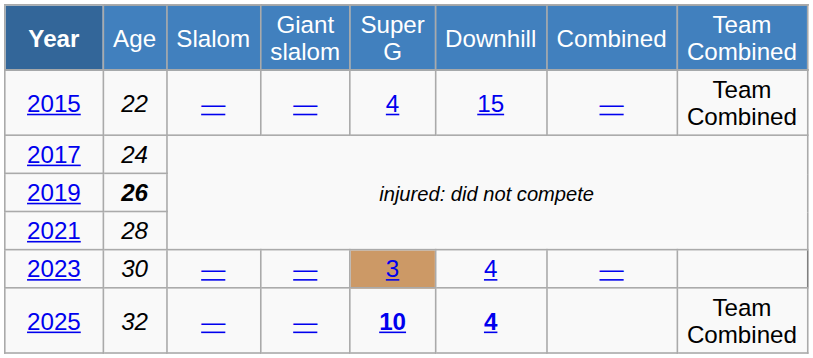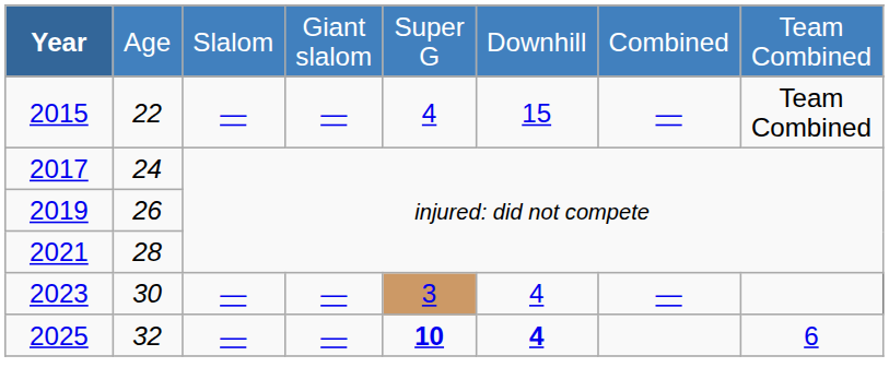 <table class="wikitable" style="font-size:95%; text-align:center; border:grey solid 1px; border-collapse:collapse;" width="40%">
 <tr style="background-color:#369; color:white;">
 <td rowspan="2" colspan="1" width="10%"><strong>Year</strong></td>
 </tr>
 <tr style="background-color:#4180be; color:white;">
 <td width="5%">Age</td>
 <td width="5%">Slalom</td>
 <td width="5%">Giant<br>slalom</td>
 <td width="5%">Super G</td>
 <td width="5%">Downhill</td>
 <td width="5%">Combined</td>
 <td width="5%">Team<br>Combined</td>
 </tr>
 <tr style="background-color:#8CB2D8; color:white;">
 </tr>
 <tr>
 <td><a href='#'>2015</a></td>
 <td><em>22</em></td>
 <td><a href='#'>—</a></td>
 <td><a href='#'>—</a></td>
 <td><a href='#'>4</a></td>
 <td><a href='#'>15</a></td>
 <td><a href='#'>—</a></td>
 <td width="5%">Team<br>Combined</td>
 </tr>
 <tr>
 <td><a href='#'>2017</a></td>
 <td><em>24</em></td>
 <td colspan=6 rowspan=3><em><small>injured: did not compete</small></em></td>
 </tr>
 <tr>
 <td><a href='#'>2019</a></td>
-<td><strong><em>26</em></strong></td>
+<td><em>26</em></td>
 </tr>
 <tr>
 <td><a href='#'>2021</a></td>
 <td><em>28</em></td>
 </tr>
 <tr>
 <td><a href='#'>2023</a></td>
 <td><em>30</em></td>
 <td><a href='#'>—</a></td>
 <td><a href='#'>—</a></td>
 <td bgcolor="cc9966"><a href='#'>3</a></td>
 <td><a href='#'>4</a></td>
 <td><a href='#'>—</a></td>
 </tr>
 <tr>
 <td><a href='#'>2025</a></td>
 <td><em>32</em></td>
 <td><a href='#'>—</a></td>
 <td><a href='#'>—</a></td>
 <td><strong><a href='#'>10</a></strong></td>
 <td><strong><a href='#'>4</a></strong></td>
 <td></td>
-<td width="5%">Team<br>Combined</td>
+<td><a href='#'>6</a></td>
 </tr>
 </table>
